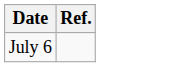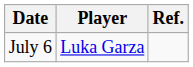 <table class="wikitable sortable sortable" style="text-align: center">
 <tr>
 <th>Date</th>
+<th>Player</th>
 <th>Ref.</th>
 </tr>
 <tr>
 <td>July 6</td>
+<td><a href='#'>Luka Garza</a></td>
 <td></td>
 </tr>
 </table>
